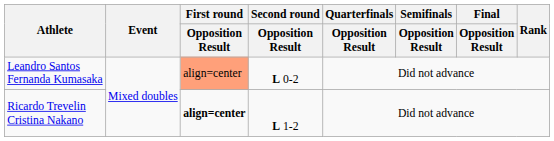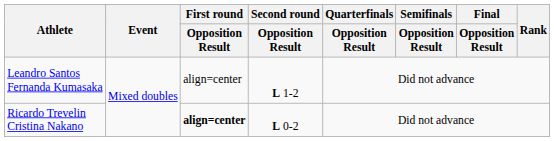 <table class="wikitable" style="font-size:90%">
 <tr>
 <th rowspan="2">Athlete</th>
 <th rowspan="2">Event</th>
 <th>First round</th>
 <th>Second round</th>
 <th>Quarterfinals</th>
 <th>Semifinals</th>
 <th>Final</th>
 <th rowspan="2">Rank</th>
 </tr>
 <tr>
 <th>Opposition<br>Result</th>
 <th>Opposition<br>Result</th>
 <th>Opposition<br>Result</th>
 <th>Opposition<br>Result</th>
 <th>Opposition<br>Result</th>
 </tr>
 <tr>
 <td><a href='#'>Leandro Santos</a><br><a href='#'>Fernanda Kumasaka</a></td>
 <td rowspan=2><a href='#'>Mixed doubles</a></td>
-<td style="background: lightsalmon;">align=center </td>
-<td align=center><br><strong>L</strong> 0-2</td>
+<td>align=center </td>
+<td align=center><br><br><strong>L</strong> 1-2</td>
 <td align=center colspan=5>Did not advance</td>
 </tr>
 <tr>
 <td><a href='#'>Ricardo Trevelin</a><br><a href='#'>Cristina Nakano</a></td>
 <td><strong>align=center </strong></td>
-<td align=center><br><br><strong>L</strong> 1-2</td>
+<td align=center><br><strong>L</strong> 0-2</td>
 <td align=center colspan=5>Did not advance</td>
 </tr>
 </table>
